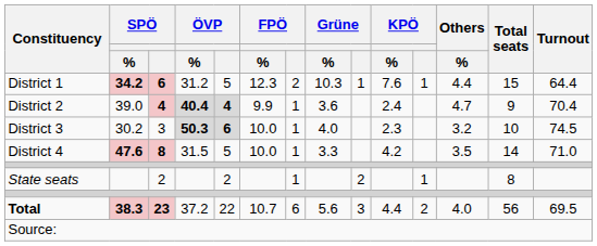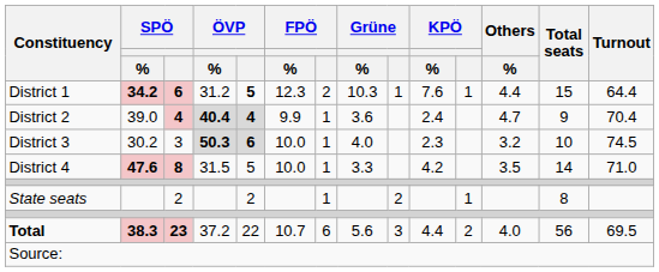 <table class="wikitable" style="text-align:center;font-size:90%;line-height:16px">
 <tr style="height:40px;">
 <th style="width:100px;" rowspan="3">Constituency</th>
 <th style="width:60px;" colspan="2"><a href='#'>SPÖ</a></th>
 <th style="width:60px;" colspan="2"><a href='#'>ÖVP</a></th>
 <th style="width:60px;" colspan="2"><a href='#'>FPÖ</a></th>
 <th style="width:60px;" colspan="2"><a href='#'>Grüne</a></th>
 <th style="width:60px;" colspan="2"><a href='#'>KPÖ</a></th>
 <th class="unsortable" style="width:40px;" rowspan="2">Others</th>
 <th class="unsortable" style="width:40px;" rowspan="3">Total<br>seats</th>
 <th class="unsortable" style="width:40px;" rowspan="3">Turnout</th>
 </tr>
 <tr>
 <th colspan="2" style="background:"></th>
 <th colspan="2" style="background:"></th>
 <th colspan="2" style="background:"></th>
 <th colspan="2" style="background:"></th>
 <th colspan="2" style="background:"></th>
 </tr>
 <tr>
 <th class=unsortable>%</th>
 <th class=unsortable></th>
 <th class=unsortable>%</th>
 <th class=unsortable></th>
 <th class=unsortable>%</th>
 <th class=unsortable></th>
 <th class=unsortable>%</th>
 <th class=unsortable></th>
 <th class=unsortable>%</th>
 <th class=unsortable></th>
 <th class=unsortable>%</th>
 </tr>
 <tr>
 <td align=left>District 1</td>
 <td bgcolor=#F4C6C9><strong>34.2</strong></td>
 <td bgcolor=#F4C6C9><strong>6</strong></td>
 <td>31.2</td>
-<td>5</td>
+<td><strong>5</strong></td>
 <td>12.3</td>
 <td>2</td>
 <td>10.3</td>
 <td>1</td>
 <td>7.6</td>
 <td>1</td>
 <td>4.4</td>
 <td>15</td>
 <td>64.4</td>
 </tr>
 <tr>
 <td align=left>District 2</td>
 <td>39.0</td>
 <td bgcolor=#F4C6C9><strong>4</strong></td>
 <td bgcolor=#D9D9D9><strong>40.4</strong></td>
 <td bgcolor=#D9D9D9><strong>4</strong></td>
 <td>9.9</td>
 <td>1</td>
 <td>3.6</td>
 <td></td>
 <td>2.4</td>
 <td></td>
 <td>4.7</td>
 <td>9</td>
 <td>70.4</td>
 </tr>
 <tr>
 <td align=left>District 3</td>
 <td>30.2</td>
 <td>3</td>
 <td bgcolor=#D9D9D9><strong>50.3</strong></td>
 <td bgcolor=#D9D9D9><strong>6</strong></td>
 <td>10.0</td>
 <td>1</td>
 <td>4.0</td>
 <td></td>
 <td>2.3</td>
 <td></td>
 <td>3.2</td>
 <td>10</td>
 <td>74.5</td>
 </tr>
 <tr>
 <td align=left>District 4</td>
 <td bgcolor=#F4C6C9><strong>47.6</strong></td>
 <td bgcolor=#F4C6C9><strong>8</strong></td>
 <td>31.5</td>
 <td>5</td>
 <td>10.0</td>
 <td>1</td>
 <td>3.3</td>
 <td></td>
 <td>4.2</td>
 <td></td>
 <td>3.5</td>
 <td>14</td>
 <td>71.0</td>
 </tr>
 <tr>
 <td colspan=15 bgcolor=lightgrey></td>
 </tr>
 <tr>
 <td align=left><em>State seats</em></td>
 <td></td>
 <td>2</td>
 <td></td>
 <td>2</td>
 <td></td>
 <td>1</td>
 <td></td>
 <td>2</td>
 <td></td>
 <td>1</td>
 <td></td>
 <td>8</td>
 <td></td>
 </tr>
 <tr>
 <td colspan=15 bgcolor=lightgrey></td>
 </tr>
 <tr>
 <td align=left><strong>Total</strong></td>
 <td bgcolor=#F4C6C9><strong>38.3</strong></td>
 <td bgcolor=#F4C6C9><strong>23</strong></td>
 <td>37.2</td>
 <td>22</td>
 <td>10.7</td>
 <td>6</td>
 <td>5.6</td>
 <td>3</td>
 <td>4.4</td>
 <td>2</td>
 <td>4.0</td>
 <td>56</td>
 <td>69.5</td>
 </tr>
 <tr class=sortbottom>
 <td colspan=15 align=left>Source: </td>
 </tr>
 </table>
